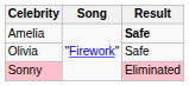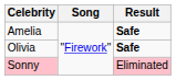 <table class="wikitable sortable collapsed">
 <tr>
 <th>Celebrity</th>
 <th>Song</th>
 <th>Result</th>
 </tr>
 <tr>
 <td>Amelia</td>
 <td rowspan=3>"<a href='#'>Firework</a>"</td>
 <td><strong>Safe</strong></td>
 </tr>
 <tr>
 <td>Olivia</td>
-<td>Safe</td>
+<td><strong>Safe</strong></td>
 </tr>
 <tr>
 <td style="background:pink;">Sonny</td>
 <td style="background:pink;">Eliminated</td>
 </tr>
 </table>
